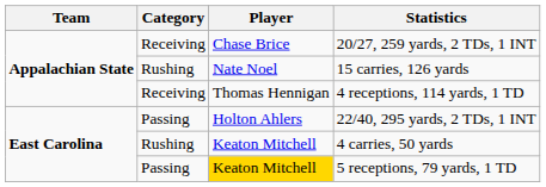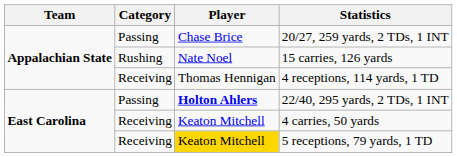 <table class="wikitable" style="float: left;">
 <tr>
 <th>Team</th>
 <th>Category</th>
 <th>Player</th>
 <th>Statistics</th>
 </tr>
 <tr>
 <td rowspan=3><strong>Appalachian State</strong></td>
-<td>Receiving</td>
+<td>Passing</td>
 <td><a href='#'>Chase Brice</a></td>
 <td>20/27, 259 yards, 2 TDs, 1 INT</td>
 </tr>
 <tr>
 <td>Rushing</td>
 <td><a href='#'>Nate Noel</a></td>
 <td>15 carries, 126 yards</td>
 </tr>
 <tr>
 <td>Receiving</td>
 <td>Thomas Hennigan</td>
 <td>4 receptions, 114 yards, 1 TD</td>
 </tr>
 <tr>
 <td rowspan=3><strong>East Carolina</strong></td>
 <td>Passing</td>
-<td><a href='#'>Holton Ahlers</a></td>
+<td><strong><a href='#'>Holton Ahlers</a></strong></td>
 <td>22/40, 295 yards, 2 TDs, 1 INT</td>
 </tr>
 <tr>
-<td>Rushing</td>
+<td>Receiving</td>
 <td><a href='#'>Keaton Mitchell</a></td>
 <td>4 carries, 50 yards</td>
 </tr>
 <tr>
-<td>Passing</td>
+<td>Receiving</td>
 <td style="background: gold;">Keaton Mitchell</td>
 <td>5 receptions, 79 yards, 1 TD</td>
 </tr>
 </table>
